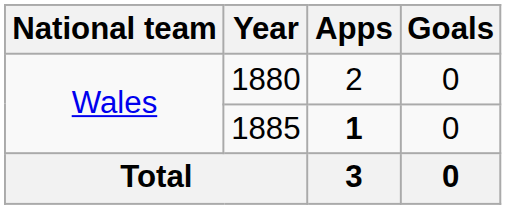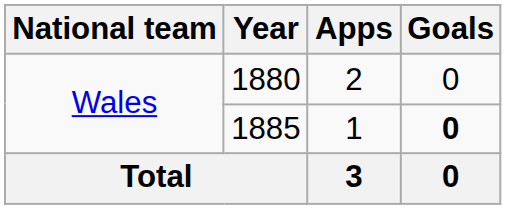 <table class=wikitable style=text-align:center>
 <tr>
 <th>National team</th>
 <th>Year</th>
 <th>Apps</th>
 <th>Goals</th>
 </tr>
 <tr>
 <td rowspan=2><a href='#'>Wales</a></td>
 <td>1880</td>
 <td>2</td>
 <td>0</td>
 </tr>
 <tr>
 <td>1885</td>
-<td><strong>1</strong></td>
-<td>0</td>
+<td>1</td>
+<td><strong>0</strong></td>
 </tr>
 <tr>
 <th colspan=2>Total</th>
 <th>3</th>
 <th>0</th>
 </tr>
 </table>
